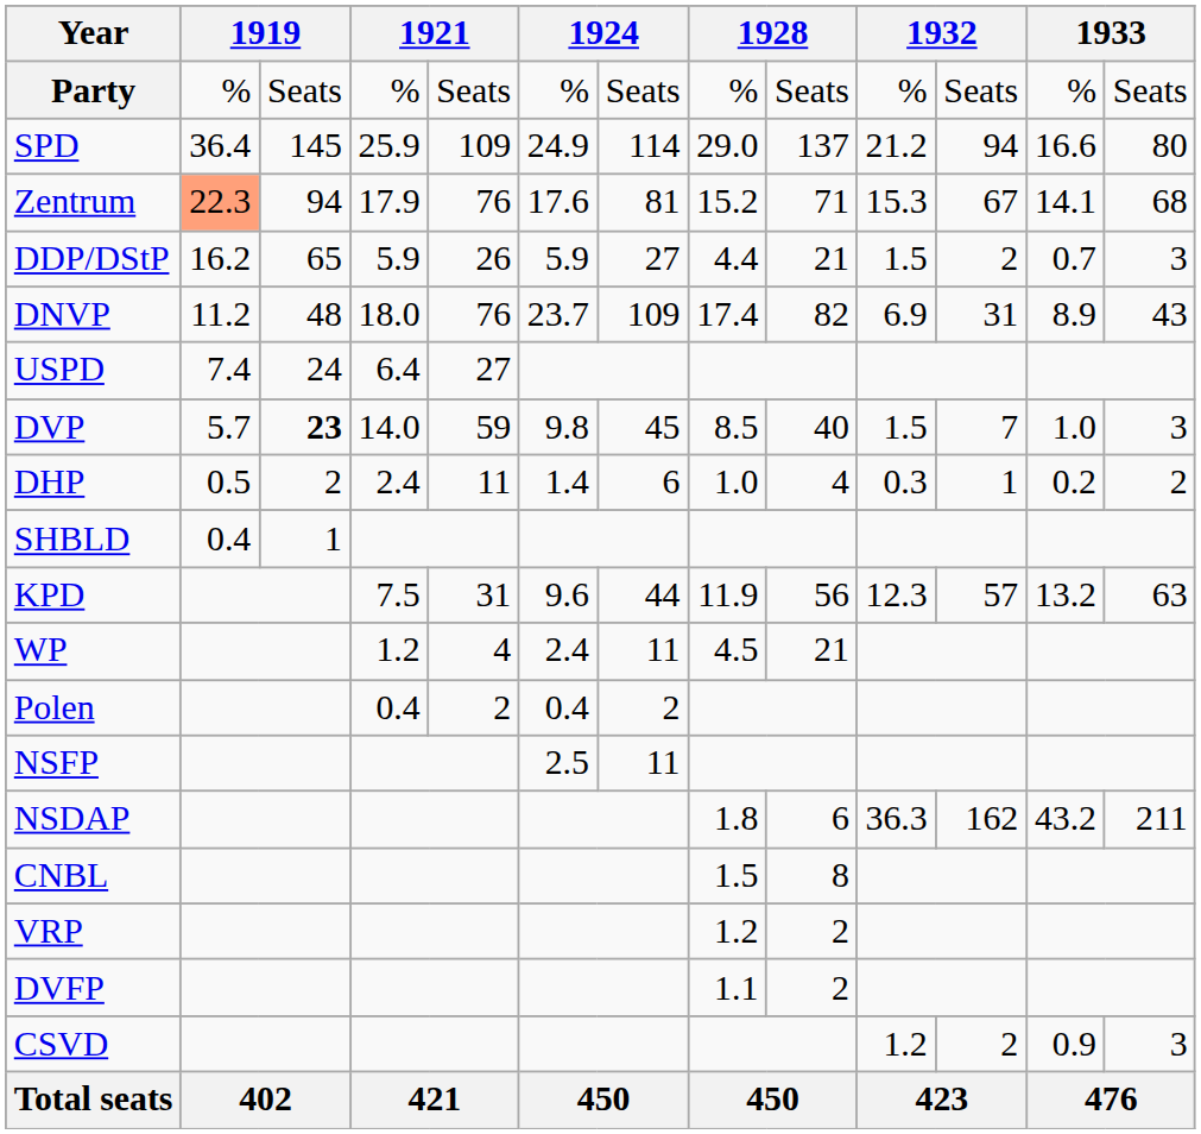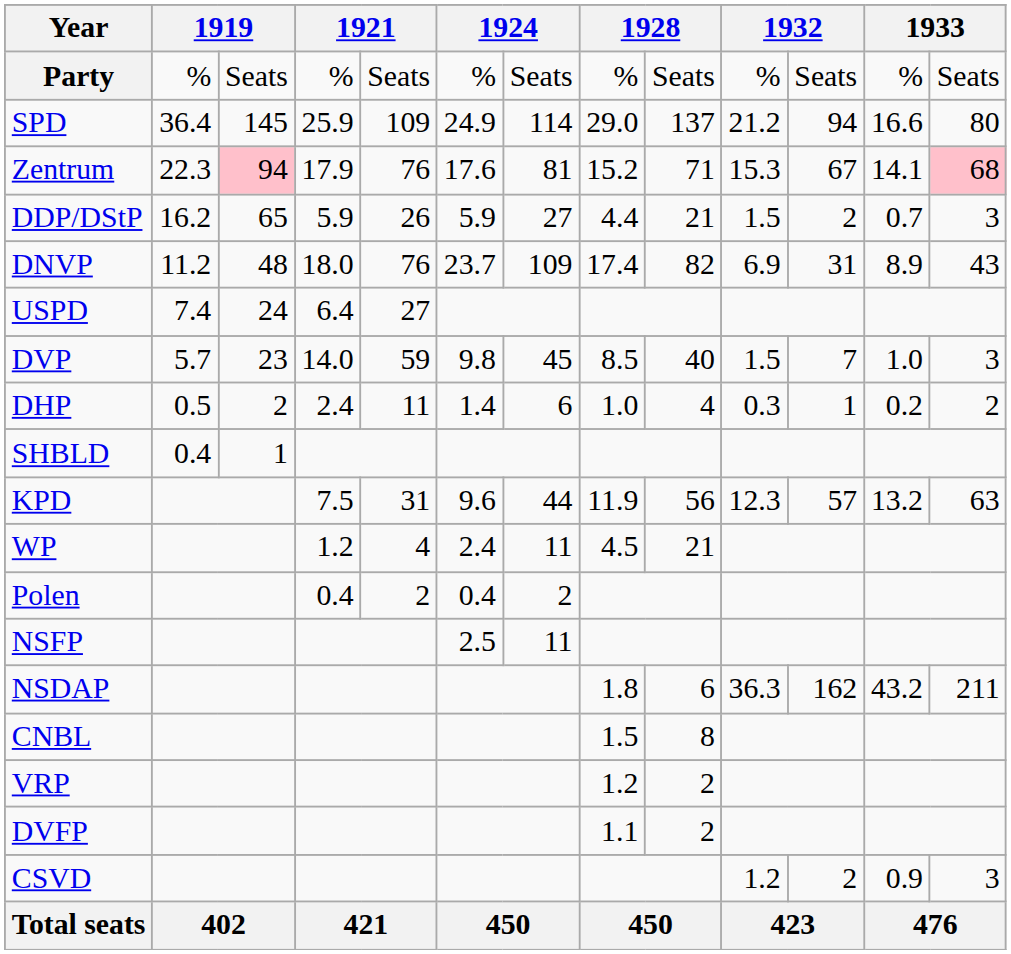 <table class="wikitable">
 <tr>
 <th>Year</th>
 <th colspan="2"><a href='#'>1919</a></th>
 <th colspan="2"><a href='#'>1921</a></th>
 <th colspan="2"><a href='#'>1924</a></th>
 <th colspan="2"><a href='#'>1928</a></th>
 <th colspan="2"><a href='#'>1932</a></th>
 <th colspan="2">1933</th>
 </tr>
 <tr>
 <th>Party</th>
 <td align="right">%</td>
 <td>Seats</td>
 <td align="right">%</td>
 <td>Seats</td>
 <td align="right">%</td>
 <td>Seats</td>
 <td align="right">%</td>
 <td>Seats</td>
 <td align="right">%</td>
 <td>Seats</td>
 <td align="right">%</td>
 <td>Seats</td>
 </tr>
 <tr>
 <td><a href='#'>SPD</a></td>
 <td align="right">36.4</td>
 <td align="right">145</td>
 <td align="right">25.9</td>
 <td align="right">109</td>
 <td align="right">24.9</td>
 <td align="right">114</td>
 <td align="right">29.0</td>
 <td align="right">137</td>
 <td align="right">21.2</td>
 <td align="right">94</td>
 <td align="right">16.6</td>
 <td align="right">80</td>
 </tr>
 <tr>
 <td><a href='#'>Zentrum</a></td>
-<td align="right" style="background: lightsalmon;">22.3</td>
-<td align="right">94</td>
+<td align="right">22.3</td>
+<td align="right" style="background: pink;">94</td>
 <td align="right">17.9</td>
 <td align="right">76</td>
 <td align="right">17.6</td>
 <td align="right">81</td>
 <td align="right">15.2</td>
 <td align="right">71</td>
 <td align="right">15.3</td>
 <td align="right">67</td>
 <td align="right">14.1</td>
-<td align="right">68</td>
+<td align="right" style="background: pink;">68</td>
 </tr>
 <tr>
 <td><a href='#'>DDP/DStP</a></td>
 <td align="right">16.2</td>
 <td align="right">65</td>
 <td align="right">5.9</td>
 <td align="right">26</td>
 <td align="right">5.9</td>
 <td align="right">27</td>
 <td align="right">4.4</td>
 <td align="right">21</td>
 <td align="right">1.5</td>
 <td align="right">2</td>
 <td align="right">0.7</td>
 <td align="right">3</td>
 </tr>
 <tr>
 <td><a href='#'>DNVP</a></td>
 <td align="right">11.2</td>
 <td align="right">48</td>
 <td align="right">18.0</td>
 <td align="right">76</td>
 <td align="right">23.7</td>
 <td align="right">109</td>
 <td align="right">17.4</td>
 <td align="right">82</td>
 <td align="right">6.9</td>
 <td align="right">31</td>
 <td align="right">8.9</td>
 <td align="right">43</td>
 </tr>
 <tr>
 <td><a href='#'>USPD</a></td>
 <td align="right">7.4</td>
 <td align="right">24</td>
 <td align="right">6.4</td>
 <td align="right">27</td>
 <td colspan="2"> </td>
 <td colspan="2"> </td>
 <td colspan="2"> </td>
 <td colspan="2"> </td>
 </tr>
 <tr>
 <td><a href='#'>DVP</a></td>
 <td align="right">5.7</td>
-<td align="right"><strong>23</strong></td>
+<td align="right">23</td>
 <td align="right">14.0</td>
 <td align="right">59</td>
 <td align="right">9.8</td>
 <td align="right">45</td>
 <td align="right">8.5</td>
 <td align="right">40</td>
 <td align="right">1.5</td>
 <td align="right">7</td>
 <td align="right">1.0</td>
 <td align="right">3</td>
 </tr>
 <tr>
 <td><a href='#'>DHP</a></td>
 <td align="right">0.5</td>
 <td align="right">2</td>
 <td align="right">2.4</td>
 <td align="right">11</td>
 <td align="right">1.4</td>
 <td align="right">6</td>
 <td align="right">1.0</td>
 <td align="right">4</td>
 <td align="right">0.3</td>
 <td align="right">1</td>
 <td align="right">0.2</td>
 <td align="right">2</td>
 </tr>
 <tr>
 <td><a href='#'>SHBLD</a></td>
 <td align="right">0.4</td>
 <td align="right">1</td>
 <td colspan="2"> </td>
 <td colspan="2"> </td>
 <td colspan="2"> </td>
 <td colspan="2"> </td>
 <td colspan="2"> </td>
 </tr>
 <tr>
 <td><a href='#'>KPD</a></td>
 <td colspan="2"> </td>
 <td align="right">7.5</td>
 <td align="right">31</td>
 <td align="right">9.6</td>
 <td align="right">44</td>
 <td align="right">11.9</td>
 <td align="right">56</td>
 <td align="right">12.3</td>
 <td align="right">57</td>
 <td align="right">13.2</td>
 <td align="right">63</td>
 </tr>
 <tr>
 <td><a href='#'>WP</a></td>
 <td colspan="2"> </td>
 <td align="right">1.2</td>
 <td align="right">4</td>
 <td align="right">2.4</td>
 <td align="right">11</td>
 <td align="right">4.5</td>
 <td align="right">21</td>
 <td colspan="2"> </td>
 <td colspan="2"> </td>
 </tr>
 <tr>
 <td><a href='#'>Polen</a></td>
 <td colspan="2"> </td>
 <td align="right">0.4</td>
 <td align="right">2</td>
 <td align="right">0.4</td>
 <td align="right">2</td>
 <td colspan="2"> </td>
 <td colspan="2"> </td>
 <td colspan="2"> </td>
 </tr>
 <tr>
 <td><a href='#'>NSFP</a></td>
 <td colspan="2"> </td>
 <td colspan="2"> </td>
 <td align="right">2.5</td>
 <td align="right">11</td>
 <td colspan="2"> </td>
 <td colspan="2"> </td>
 <td colspan="2"> </td>
 </tr>
 <tr>
 <td><a href='#'>NSDAP</a></td>
 <td colspan="2"> </td>
 <td colspan="2"> </td>
 <td colspan="2"> </td>
 <td align="right">1.8</td>
 <td align="right">6</td>
 <td align="right">36.3</td>
 <td align="right">162</td>
 <td align="right">43.2</td>
 <td align="right">211</td>
 </tr>
 <tr>
 <td><a href='#'>CNBL</a></td>
 <td colspan="2"> </td>
 <td colspan="2"> </td>
 <td colspan="2"> </td>
 <td align="right">1.5</td>
 <td align="right">8</td>
 <td colspan="2"> </td>
 <td colspan="2"> </td>
 </tr>
 <tr>
 <td><a href='#'>VRP</a></td>
 <td colspan="2"> </td>
 <td colspan="2"> </td>
 <td colspan="2"> </td>
 <td align="right">1.2</td>
 <td align="right">2</td>
 <td colspan="2"> </td>
 <td colspan="2"> </td>
 </tr>
 <tr>
 <td><a href='#'>DVFP</a></td>
 <td colspan="2"> </td>
 <td colspan="2"> </td>
 <td colspan="2"> </td>
 <td align="right">1.1</td>
 <td align="right">2</td>
 <td colspan="2"> </td>
 <td colspan="2"> </td>
 </tr>
 <tr>
 <td><a href='#'>CSVD</a></td>
 <td colspan="2"> </td>
 <td colspan="2"> </td>
 <td colspan="2"> </td>
 <td colspan="2"> </td>
 <td align="right">1.2</td>
 <td align="right">2</td>
 <td align="right">0.9</td>
 <td align="right">3</td>
 </tr>
 <tr>
 <th>Total seats</th>
 <th colspan="2">402</th>
 <th colspan="2">421</th>
 <th colspan="2">450</th>
 <th colspan="2">450</th>
 <th colspan="2">423</th>
 <th colspan="2">476</th>
 </tr>
 </table>
